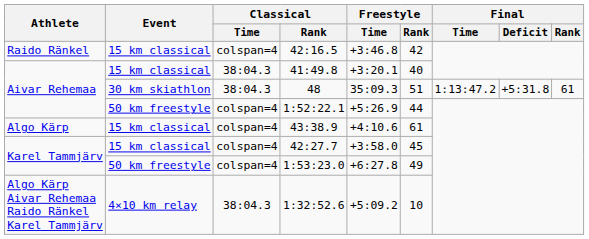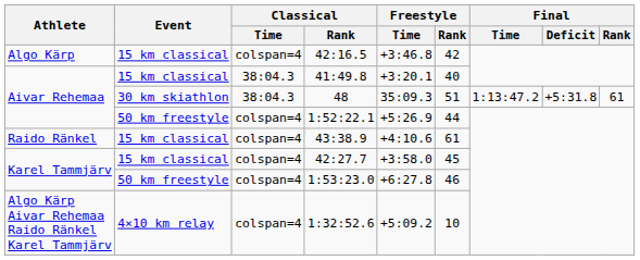 <table class="wikitable" style="font-size:90%">
 <tr>
 <th rowspan=2>Athlete</th>
 <th rowspan=2>Event</th>
 <th colspan=2>Classical</th>
 <th colspan=2>Freestyle</th>
 <th colspan=3>Final</th>
 </tr>
 <tr style="font-size: 95%">
 <th>Time</th>
 <th>Rank</th>
 <th>Time</th>
 <th>Rank</th>
 <th>Time</th>
 <th>Deficit</th>
 <th>Rank</th>
 </tr>
 <tr align=center>
-<td align=left><a href='#'>Raido Ränkel</a></td>
+<td align=left><a href='#'>Algo Kärp</a></td>
 <td align=left><a href='#'>15 km classical</a></td>
 <td>colspan=4 </td>
 <td>42:16.5</td>
 <td>+3:46.8</td>
 <td>42</td>
 </tr>
 <tr align=center>
 <td align=left rowspan=3><a href='#'>Aivar Rehemaa</a></td>
 <td align=left><a href='#'>15 km classical</a></td>
 <td>38:04.3</td>
 <td>41:49.8</td>
 <td>+3:20.1</td>
 <td>40</td>
 </tr>
 <tr align=center>
 <td align=left><a href='#'>30 km skiathlon</a></td>
 <td>38:04.3</td>
 <td>48</td>
 <td>35:09.3</td>
 <td>51</td>
 <td>1:13:47.2</td>
 <td>+5:31.8</td>
 <td>61</td>
 </tr>
 <tr align=center>
 <td align=left><a href='#'>50 km freestyle</a></td>
 <td>colspan=4 </td>
 <td>1:52:22.1</td>
 <td>+5:26.9</td>
 <td>44</td>
 </tr>
 <tr align=center>
-<td align=left><a href='#'>Algo Kärp</a></td>
+<td align=left><a href='#'>Raido Ränkel</a></td>
 <td align=left><a href='#'>15 km classical</a></td>
 <td>colspan=4 </td>
 <td>43:38.9</td>
 <td>+4:10.6</td>
 <td>61</td>
 </tr>
 <tr align=center>
 <td align=left rowspan=2><a href='#'>Karel Tammjärv</a></td>
 <td align=left><a href='#'>15 km classical</a></td>
 <td>colspan=4 </td>
 <td>42:27.7</td>
 <td>+3:58.0</td>
 <td>45</td>
 </tr>
 <tr align=center>
 <td align=left><a href='#'>50 km freestyle</a></td>
 <td>colspan=4 </td>
 <td>1:53:23.0</td>
 <td>+6:27.8</td>
-<td>49</td>
+<td>46</td>
 </tr>
 <tr align=center>
 <td align=left><a href='#'>Algo Kärp</a><br><a href='#'>Aivar Rehemaa</a><br><a href='#'>Raido Ränkel</a><br><a href='#'>Karel Tammjärv</a></td>
 <td align=left><a href='#'>4×10 km relay</a></td>
-<td>38:04.3</td>
+<td>colspan=4 </td>
 <td>1:32:52.6</td>
 <td>+5:09.2</td>
 <td>10</td>
 </tr>
 </table>
